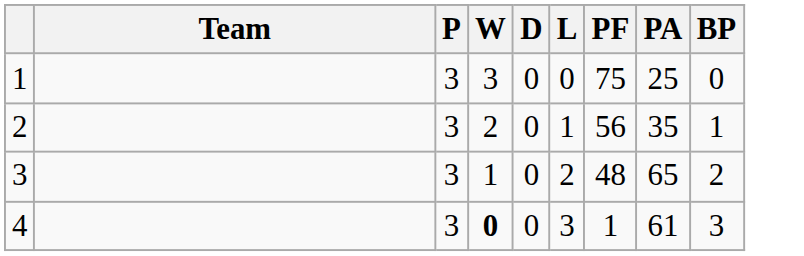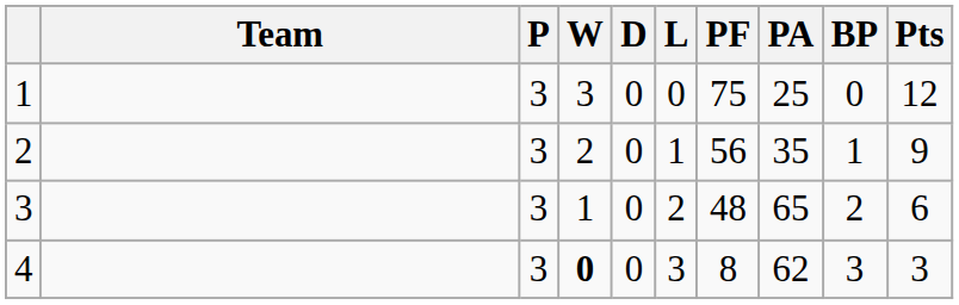 <table class="wikitable" style="text-align:center;">
 <tr>
 <th></th>
 <th width="200px">Team</th>
 <th>P</th>
 <th>W</th>
 <th>D</th>
 <th>L</th>
 <th>PF</th>
 <th>PA</th>
 <th>BP</th>
+<th>Pts</th>
 </tr>
 <tr>
 <td>1</td>
 <td></td>
 <td>3</td>
 <td>3</td>
 <td>0</td>
 <td>0</td>
 <td>75</td>
 <td>25</td>
 <td>0</td>
+<td>12</td>
 </tr>
 <tr>
 <td>2</td>
 <td></td>
 <td>3</td>
 <td>2</td>
 <td>0</td>
 <td>1</td>
 <td>56</td>
 <td>35</td>
 <td>1</td>
+<td>9</td>
 </tr>
 <tr>
 <td>3</td>
 <td></td>
 <td>3</td>
 <td>1</td>
 <td>0</td>
 <td>2</td>
 <td>48</td>
 <td>65</td>
 <td>2</td>
+<td>6</td>
 </tr>
 <tr>
 <td>4</td>
 <td></td>
 <td>3</td>
 <td><strong>0</strong></td>
 <td>0</td>
 <td>3</td>
-<td>1</td>
-<td>61</td>
+<td>8</td>
+<td>62</td>
+<td>3</td>
 <td>3</td>
 </tr>
 </table>
